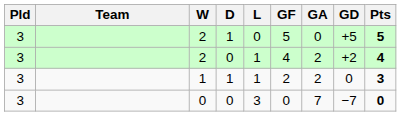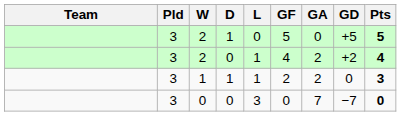 <table class="wikitable" style="text-align: center;">
 <tr>
+<th width="175">Team</th>
 <th width="30">Pld</th>
-<th width="175">Team</th>
 <th width="25">W</th>
 <th width="25">D</th>
 <th width="25">L</th>
 <th width="30">GF</th>
 <th width="30">GA</th>
 <th width="30">GD</th>
 <th width="30">Pts</th>
 </tr>
 <tr bgcolor="#ccffcc">
+<td align=left></td>
 <td>3</td>
-<td align=left></td>
 <td>2</td>
 <td>1</td>
 <td>0</td>
 <td>5</td>
 <td>0</td>
 <td>+5</td>
 <td><strong>5</strong></td>
 </tr>
 <tr bgcolor="#ccffcc">
+<td align=left></td>
 <td>3</td>
-<td align=left></td>
 <td>2</td>
 <td>0</td>
 <td>1</td>
 <td>4</td>
 <td>2</td>
 <td>+2</td>
 <td><strong>4</strong></td>
 </tr>
 <tr>
+<td align=left></td>
 <td>3</td>
-<td align=left></td>
 <td>1</td>
 <td>1</td>
 <td>1</td>
 <td>2</td>
 <td>2</td>
 <td>0</td>
 <td><strong>3</strong></td>
 </tr>
 <tr>
+<td align=left></td>
 <td>3</td>
-<td align=left></td>
 <td>0</td>
 <td>0</td>
 <td>3</td>
 <td>0</td>
 <td>7</td>
 <td>−7</td>
 <td><strong>0</strong></td>
 </tr>
 </table>
